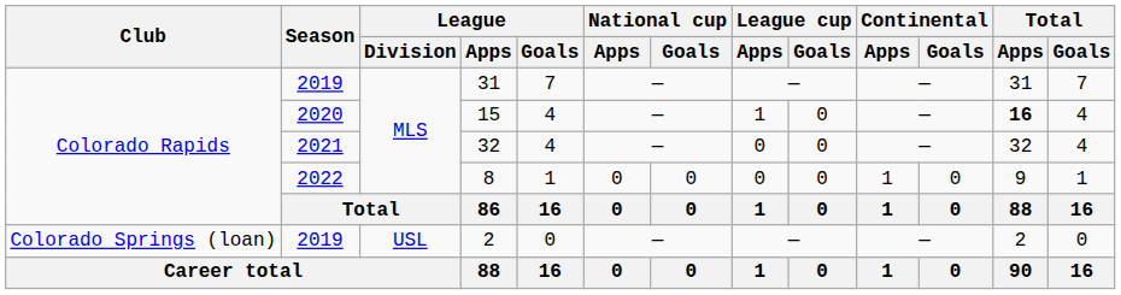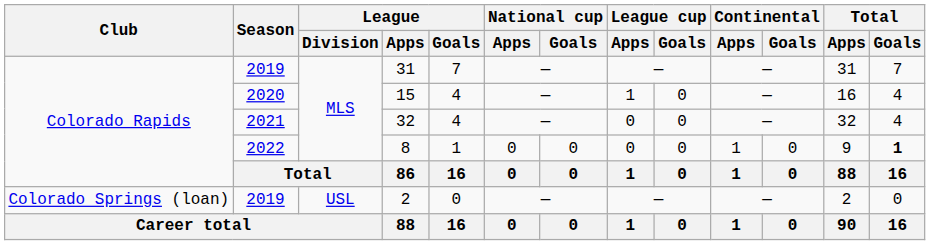 <table class="wikitable" style="text-align:center">
 <tr>
 <th rowspan="2">Club</th>
 <th rowspan="2">Season</th>
 <th colspan="3">League</th>
 <th colspan="2">National cup</th>
 <th colspan="2">League cup</th>
 <th colspan="2">Continental</th>
 <th colspan="2">Total</th>
 </tr>
 <tr>
 <th>Division</th>
 <th>Apps</th>
 <th>Goals</th>
 <th>Apps</th>
 <th>Goals</th>
 <th>Apps</th>
 <th>Goals</th>
 <th>Apps</th>
 <th>Goals</th>
 <th>Apps</th>
 <th>Goals</th>
 </tr>
 <tr>
 <td rowspan="5"><a href='#'>Colorado Rapids</a></td>
 <td><a href='#'>2019</a></td>
 <td rowspan="4"><a href='#'>MLS</a></td>
 <td>31</td>
 <td>7</td>
 <td colspan="2">—</td>
 <td colspan="2">—</td>
 <td colspan="2">—</td>
 <td>31</td>
 <td>7</td>
 </tr>
 <tr>
 <td><a href='#'>2020</a></td>
 <td>15</td>
 <td>4</td>
 <td colspan="2">—</td>
 <td>1</td>
 <td>0</td>
 <td colspan="2">—</td>
-<td><strong>16</strong></td>
+<td>16</td>
 <td>4</td>
 </tr>
 <tr>
 <td><a href='#'>2021</a></td>
 <td>32</td>
 <td>4</td>
 <td colspan="2">—</td>
 <td>0</td>
 <td>0</td>
 <td colspan="2">—</td>
 <td>32</td>
 <td>4</td>
 </tr>
 <tr>
 <td><a href='#'>2022</a></td>
 <td>8</td>
 <td>1</td>
 <td>0</td>
 <td>0</td>
 <td>0</td>
 <td>0</td>
 <td>1</td>
 <td>0</td>
 <td>9</td>
-<td>1</td>
+<td><strong>1</strong></td>
 </tr>
 <tr>
 <th colspan="2">Total</th>
 <th>86</th>
 <th>16</th>
 <th>0</th>
 <th>0</th>
 <th>1</th>
 <th>0</th>
 <th>1</th>
 <th>0</th>
 <th>88</th>
 <th>16</th>
 </tr>
 <tr>
 <td><a href='#'>Colorado Springs</a> (loan)</td>
 <td><a href='#'>2019</a></td>
 <td><a href='#'>USL</a></td>
 <td>2</td>
 <td>0</td>
 <td colspan="2">—</td>
 <td colspan="2">—</td>
 <td colspan="2">—</td>
 <td>2</td>
 <td>0</td>
 </tr>
 <tr>
 <th colspan="3">Career total</th>
 <th>88</th>
 <th>16</th>
 <th>0</th>
 <th>0</th>
 <th>1</th>
 <th>0</th>
 <th>1</th>
 <th>0</th>
 <th>90</th>
 <th>16</th>
 </tr>
 </table>
